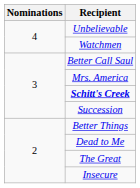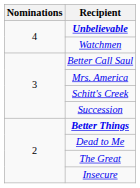 <table class="wikitable" rowspan="2" style="text-align:center;" background: #f6e39c;>
 <tr>
 <th scope="col" style="width:55px;">Nominations</th>
 <th scope="col" style="text-align:center;">Recipient</th>
 </tr>
 <tr>
 <td rowspan="2" style="text-align: center;">4</td>
-<td><em><a href='#'>Unbelievable</a></em></td>
+<td><strong><em><a href='#'>Unbelievable</a></em></strong></td>
 </tr>
 <tr>
 <td><em><a href='#'>Watchmen</a></em></td>
 </tr>
 <tr>
 <td rowspan="4" style="text-align: center;">3</td>
 <td><em><a href='#'>Better Call Saul</a></em></td>
 </tr>
 <tr>
 <td><em><a href='#'>Mrs. America</a></em></td>
 </tr>
 <tr>
-<td><strong><em><a href='#'>Schitt's Creek</a></em></strong></td>
+<td><em><a href='#'>Schitt's Creek</a></em></td>
 </tr>
 <tr>
 <td><em><a href='#'>Succession</a></em></td>
 </tr>
 <tr>
 <td rowspan="4" style="text-align: center;">2</td>
-<td><em><a href='#'>Better Things</a></em></td>
+<td><strong><em><a href='#'>Better Things</a></em></strong></td>
 </tr>
 <tr>
 <td><em><a href='#'>Dead to Me</a></em></td>
 </tr>
 <tr>
 <td><em><a href='#'>The Great</a></em></td>
 </tr>
 <tr>
 <td><em><a href='#'>Insecure</a></em></td>
 </tr>
 </table>
